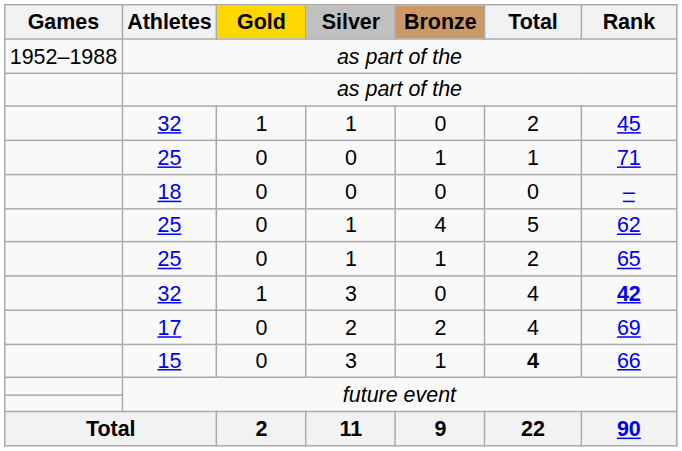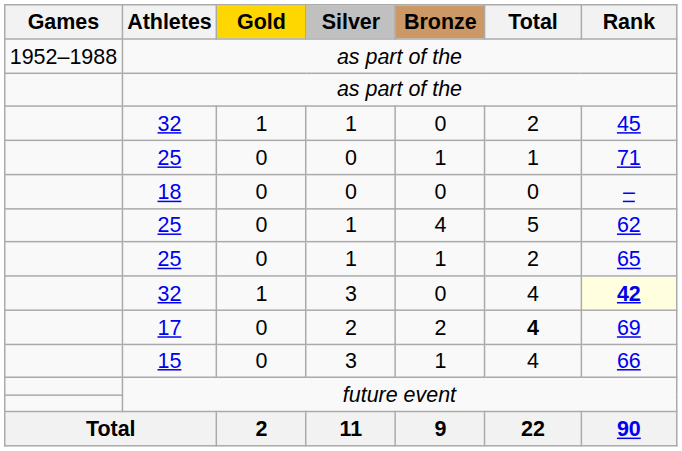 <table class="wikitable" style="text-align:center; font-size:90%;">
 <tr>
 <th>Games</th>
 <th>Athletes</th>
 <td style="background:gold; width:3.7em; font-weight:bold;">Gold</td>
 <td style="background:silver; width:3.7em; font-weight:bold;">Silver</td>
 <td style="background:#cc9966; width:3.7em; font-weight:bold;">Bronze</td>
 <th style="width:4em; font-weight:bold;">Total</th>
 <th style="width:4em; font-weight:bold;">Rank</th>
 </tr>
 <tr>
 <td align=left>1952–1988</td>
 <td colspan=6><em>as part of the </em></td>
 </tr>
 <tr>
 <td align=left></td>
 <td colspan=6><em>as part of the </em></td>
 </tr>
 <tr>
 <td align=left></td>
 <td><a href='#'>32</a></td>
 <td>1</td>
 <td>1</td>
 <td>0</td>
 <td>2</td>
 <td><a href='#'>45</a></td>
 </tr>
 <tr>
 <td align=left></td>
 <td><a href='#'>25</a></td>
 <td>0</td>
 <td>0</td>
 <td>1</td>
 <td>1</td>
 <td><a href='#'>71</a></td>
 </tr>
 <tr>
 <td align=left></td>
 <td><a href='#'>18</a></td>
 <td>0</td>
 <td>0</td>
 <td>0</td>
 <td>0</td>
 <td><a href='#'>–</a></td>
 </tr>
 <tr>
 <td align=left></td>
 <td><a href='#'>25</a></td>
 <td>0</td>
 <td>1</td>
 <td>4</td>
 <td>5</td>
 <td><a href='#'>62</a></td>
 </tr>
 <tr>
 <td align=left></td>
 <td><a href='#'>25</a></td>
 <td>0</td>
 <td>1</td>
 <td>1</td>
 <td>2</td>
 <td><a href='#'>65</a></td>
 </tr>
 <tr>
 <td align=left></td>
 <td><a href='#'>32</a></td>
 <td>1</td>
 <td>3</td>
 <td>0</td>
 <td>4</td>
-<td><a href='#'><strong>42</strong></a></td>
+<td style="background: lightyellow;"><a href='#'><strong>42</strong></a></td>
 </tr>
 <tr>
 <td align=left></td>
 <td><a href='#'>17</a></td>
 <td>0</td>
 <td>2</td>
 <td>2</td>
-<td>4</td>
+<td><strong>4</strong></td>
 <td><a href='#'>69</a></td>
 </tr>
 <tr>
 <td align=left></td>
 <td><a href='#'>15</a></td>
 <td>0</td>
 <td>3</td>
 <td>1</td>
-<td><strong>4</strong></td>
+<td>4</td>
 <td><a href='#'>66</a></td>
 </tr>
 <tr>
 <td align=left></td>
 <td colspan=7; rowspan=2><em>future event</em></td>
 </tr>
 <tr>
 <td align=left></td>
 </tr>
 <tr>
 <th colspan=2>Total</th>
 <th>2</th>
 <th>11</th>
 <th>9</th>
 <th>22</th>
 <th><a href='#'>90</a></th>
 </tr>
 </table>
